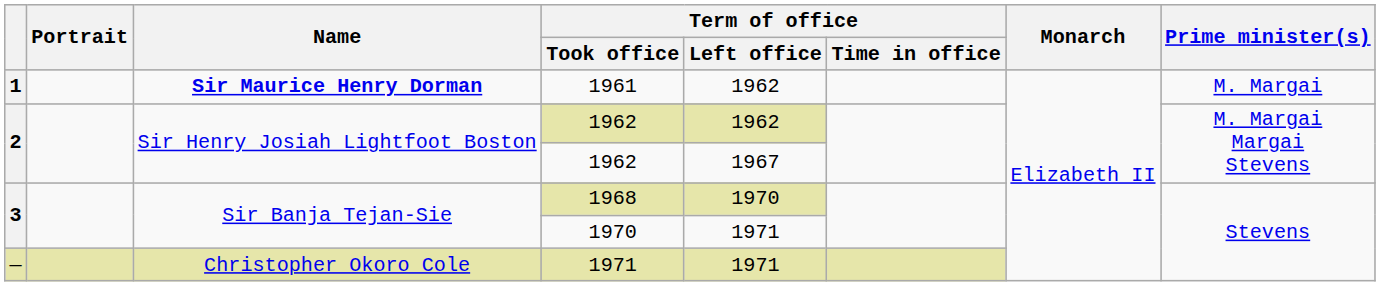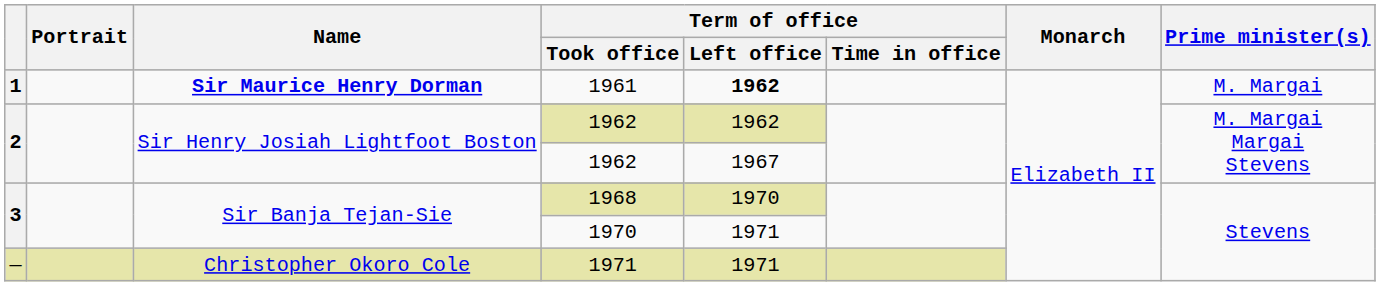 <table class="wikitable" style="text-align:center">
 <tr>
 <th rowspan="2"></th>
 <th rowspan="2">Portrait</th>
 <th rowspan="2">Name<br></th>
 <th colspan="3">Term of office</th>
 <th rowspan="2">Monarch</th>
 <th rowspan="2"><a href='#'>Prime minister(s)</a></th>
 </tr>
 <tr>
 <th>Took office</th>
 <th>Left office</th>
 <th>Time in office</th>
 </tr>
 <tr>
 <th>1</th>
 <td></td>
 <td><strong><a href='#'>Sir Maurice Henry Dorman</a><br></strong></td>
 <td> 1961</td>
-<td> 1962</td>
+<td><strong> 1962</strong></td>
 <td></td>
 <td rowspan=6><a href='#'>Elizabeth II</a></td>
 <td><a href='#'>M. Margai</a></td>
 </tr>
 <tr>
 <th rowspan=2>2</th>
 <td rowspan=2></td>
 <td rowspan=2><a href='#'>Sir Henry Josiah Lightfoot Boston</a><br></td>
 <td style="background:#e6e6aa;"> 1962</td>
 <td style="background:#e6e6aa;"> 1962</td>
 <td rowspan=2></td>
 <td rowspan=2><a href='#'>M. Margai</a><br><a href='#'>Margai</a><br><a href='#'>Stevens</a></td>
 </tr>
 <tr>
 <td> 1962</td>
 <td> 1967<br></td>
 </tr>
 <tr>
 <th rowspan=2>3</th>
 <td rowspan=2></td>
 <td rowspan=2><a href='#'>Sir Banja Tejan-Sie</a><br></td>
 <td style="background:#e6e6aa;"> 1968</td>
 <td style="background:#e6e6aa;"> 1970</td>
 <td rowspan=2></td>
 <td rowspan=3><a href='#'>Stevens</a></td>
 </tr>
 <tr>
 <td> 1970</td>
 <td> 1971</td>
 </tr>
 <tr style="background:#e6e6aa;">
 <td>—</td>
 <td></td>
 <td><a href='#'>Christopher Okoro Cole</a><br></td>
 <td> 1971</td>
 <td> 1971</td>
 <td></td>
 </tr>
 </table>
